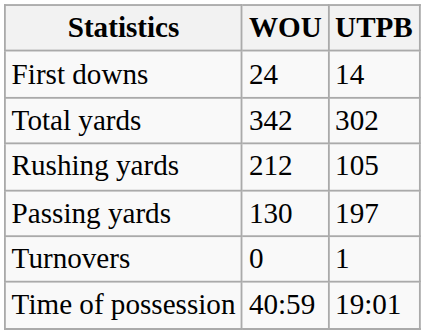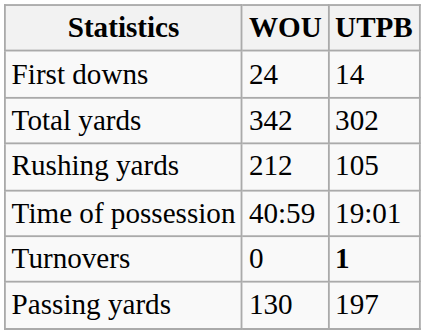 <table class="wikitable" style="float: left;">
 <tr>
 <th>Statistics</th>
 <th>WOU</th>
 <th>UTPB</th>
 </tr>
 <tr>
 <td>First downs</td>
 <td>24</td>
 <td>14</td>
 </tr>
 <tr>
 <td>Total yards</td>
 <td>342</td>
 <td>302</td>
 </tr>
 <tr>
 <td>Rushing yards</td>
 <td>212</td>
 <td>105</td>
 </tr>
 <tr>
+<td>Time of possession</td>
+<td>40:59</td>
+<td>19:01</td>
+</tr>
+<tr>
+<td>Turnovers</td>
+<td>0</td>
+<td><strong>1</strong></td>
+</tr>
+<tr>
 <td>Passing yards</td>
 <td>130</td>
 <td>197</td>
 </tr>
 <tr>
-<td>Turnovers</td>
-<td>0</td>
-<td>1</td>
-</tr>
-<tr>
-<td>Time of possession</td>
-<td>40:59</td>
-<td>19:01</td>
-</tr>
-<tr>
 </tr>
 </table>
